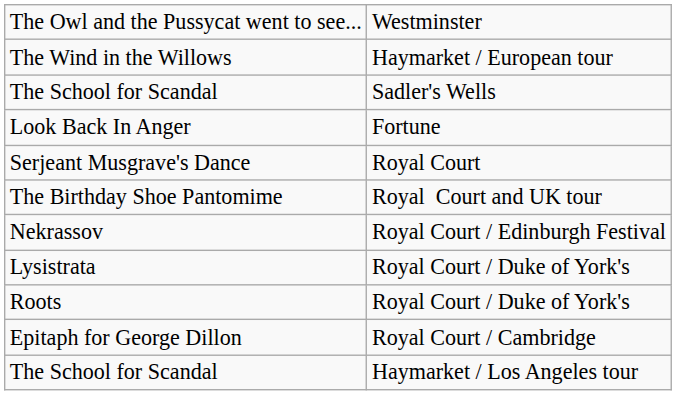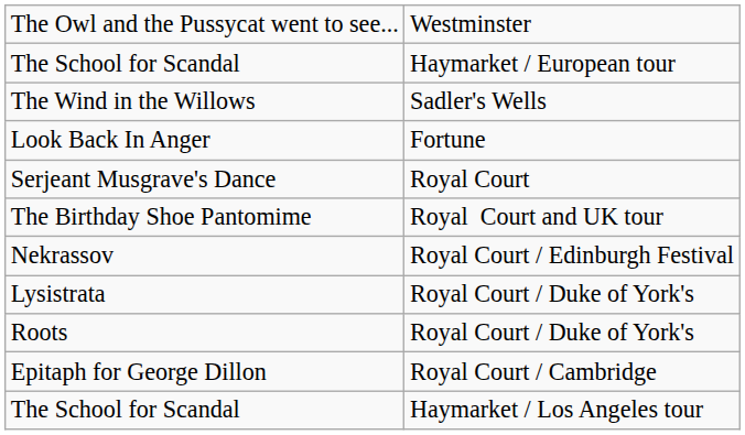 <table class="wikitable">
 <tr>
 <td>The Owl and the Pussycat went to see...</td>
 <td>Westminster</td>
 </tr>
 <tr>
-<td>The Wind in the Willows</td>
+<td>The School for Scandal</td>
 <td>Haymarket / European tour</td>
 </tr>
 <tr>
-<td>The School for Scandal</td>
+<td>The Wind in the Willows</td>
 <td>Sadler's Wells</td>
 </tr>
 <tr>
 <td>Look Back In Anger</td>
 <td>Fortune</td>
 </tr>
 <tr>
 <td>Serjeant Musgrave's Dance</td>
 <td>Royal Court</td>
 </tr>
 <tr>
 <td>The Birthday Shoe Pantomime</td>
 <td>Royal  Court and UK tour</td>
 </tr>
 <tr>
 <td>Nekrassov</td>
 <td>Royal Court / Edinburgh Festival</td>
 </tr>
 <tr>
 <td>Lysistrata</td>
 <td>Royal Court / Duke of York's</td>
 </tr>
 <tr>
 <td>Roots</td>
 <td>Royal Court / Duke of York's</td>
 </tr>
 <tr>
 <td>Epitaph for George Dillon</td>
 <td>Royal Court / Cambridge</td>
 </tr>
 <tr>
 <td>The School for Scandal</td>
 <td>Haymarket / Los Angeles tour</td>
 </tr>
 </table>
